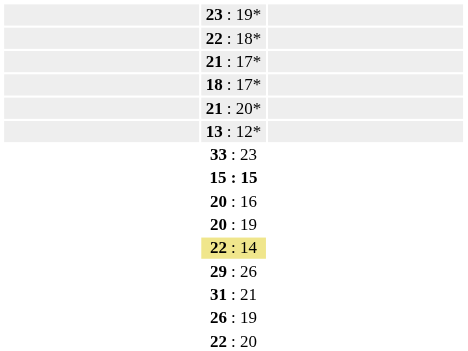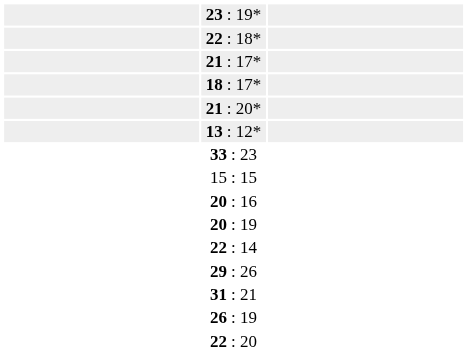 <table style="text-align:center" width=500>
 <tr>
 <th width=30%></th>
 <th width=10%></th>
 <th width=30%></th>
 <th width=10%></th>
 </tr>
 <tr bgcolor=#eee>
 <td align="right"><strong></strong></td>
 <td><strong>23</strong> : 19*</td>
 <td align="left"></td>
 </tr>
 <tr bgcolor=#eee>
 <td align="right"><strong></strong></td>
 <td><strong>22</strong> : 18*</td>
 <td align="left"></td>
 </tr>
 <tr bgcolor=#eee>
 <td align="right"><strong></strong></td>
 <td><strong>21</strong> : 17*</td>
 <td align="left"></td>
 </tr>
 <tr bgcolor=#eee>
 <td align="right"><strong></strong></td>
 <td><strong>18</strong> : 17*</td>
 <td align="left"></td>
 </tr>
 <tr bgcolor=#eee>
 <td align="right"><strong></strong></td>
 <td><strong>21</strong> : 20*</td>
 <td align="left"></td>
 </tr>
 <tr bgcolor=#eee>
 <td align="right"><strong></strong></td>
 <td><strong>13</strong> : 12*</td>
 <td align="left"></td>
 </tr>
 <tr>
 <td align="right"><strong></strong></td>
 <td><strong>33</strong> : 23</td>
 <td align="left"></td>
 </tr>
 <tr>
 <td align="right"></td>
-<td><strong>15 : 15</strong></td>
+<td>15 : 15</td>
 <td align="left"></td>
 </tr>
 <tr>
 <td align="right"><strong></strong></td>
 <td><strong>20</strong> : 16</td>
 <td align="left"></td>
 </tr>
 <tr>
 <td align="right"><strong></strong></td>
 <td><strong>20</strong> : 19</td>
 <td align="left"></td>
 </tr>
 <tr>
 <td align="right"><strong></strong></td>
-<td style="background: khaki;"><strong>22</strong> : 14</td>
+<td><strong>22</strong> : 14</td>
 <td align="left"></td>
 </tr>
 <tr>
 <td align="right"><strong></strong></td>
 <td><strong>29</strong> : 26</td>
 <td align="left"></td>
 </tr>
 <tr>
 <td align="right"><strong></strong></td>
 <td><strong>31</strong> : 21</td>
 <td align="left"></td>
 </tr>
 <tr>
 <td align="right"><strong></strong></td>
 <td><strong>26</strong> : 19</td>
 <td align="left"></td>
 </tr>
 <tr>
 <td align="right"><strong></strong></td>
 <td><strong>22</strong> : 20</td>
 <td align="left"></td>
 </tr>
 </table>
